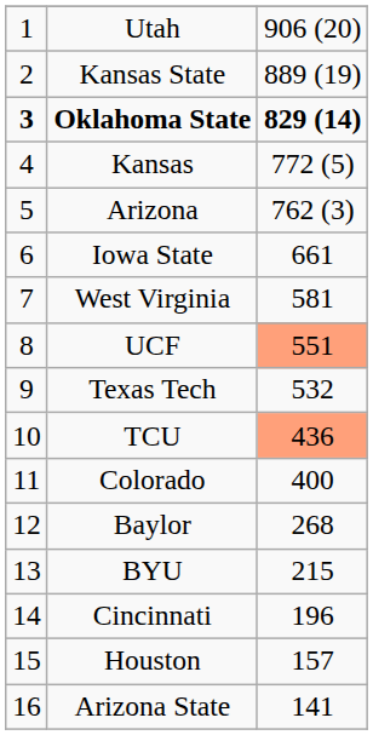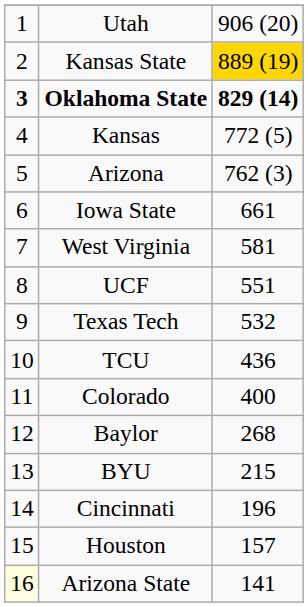 <table class="wikitable" style="display: inline-table;">
 <tr align="center">
 </tr>
 <tr align="center">
 <td>1</td>
 <td>Utah</td>
 <td>906 (20)</td>
 </tr>
 <tr align="center">
 <td>2</td>
 <td>Kansas State</td>
-<td>889 (19)</td>
+<td style="background: gold;">889 (19)</td>
 </tr>
 <tr align="center">
 <td style=><strong>3</strong></td>
 <td style=><strong>Oklahoma State</strong></td>
 <td style=><strong>829 (14)</strong></td>
 </tr>
 <tr align="center">
 <td>4</td>
 <td>Kansas</td>
 <td>772 (5)</td>
 </tr>
 <tr align="center">
 <td>5</td>
 <td>Arizona</td>
 <td>762 (3)</td>
 </tr>
 <tr align="center">
 <td>6</td>
 <td>Iowa State</td>
 <td>661</td>
 </tr>
 <tr align="center">
 <td>7</td>
 <td>West Virginia</td>
 <td>581</td>
 </tr>
 <tr align="center">
 <td>8</td>
 <td>UCF</td>
-<td style="background: lightsalmon;">551</td>
+<td>551</td>
 </tr>
 <tr align="center">
 <td>9</td>
 <td>Texas Tech</td>
 <td>532</td>
 </tr>
 <tr align="center">
 <td>10</td>
 <td>TCU</td>
-<td style="background: lightsalmon;">436</td>
+<td>436</td>
 </tr>
 <tr align="center">
 <td>11</td>
 <td>Colorado</td>
 <td>400</td>
 </tr>
 <tr align="center">
 <td>12</td>
 <td>Baylor</td>
 <td>268</td>
 </tr>
 <tr align="center">
 <td>13</td>
 <td>BYU</td>
 <td>215</td>
 </tr>
 <tr align="center">
 <td>14</td>
 <td>Cincinnati</td>
 <td>196</td>
 </tr>
 <tr align="center">
 <td>15</td>
 <td>Houston</td>
 <td>157</td>
 </tr>
 <tr align="center">
-<td>16</td>
+<td style="background: lightyellow;">16</td>
 <td>Arizona State</td>
 <td>141</td>
 </tr>
 </table>
